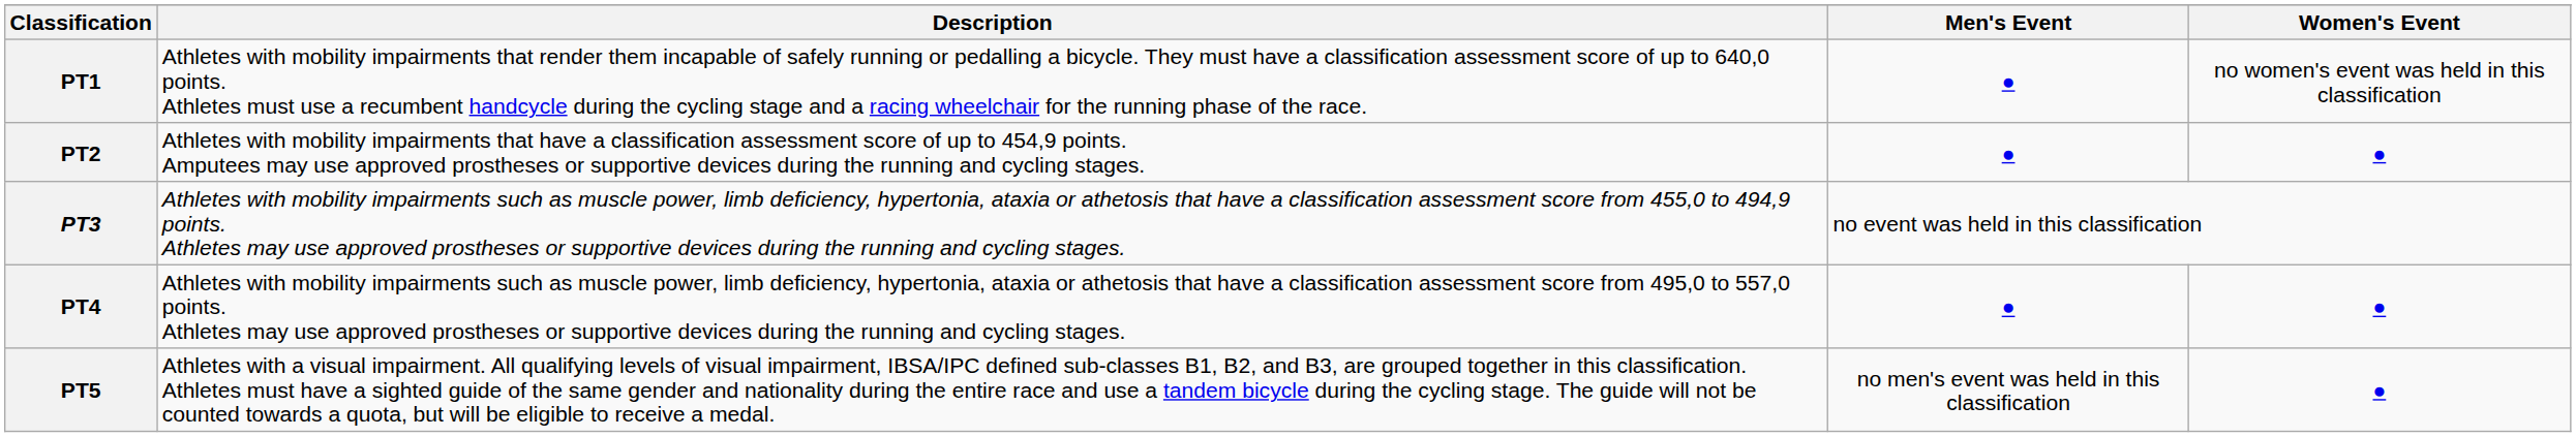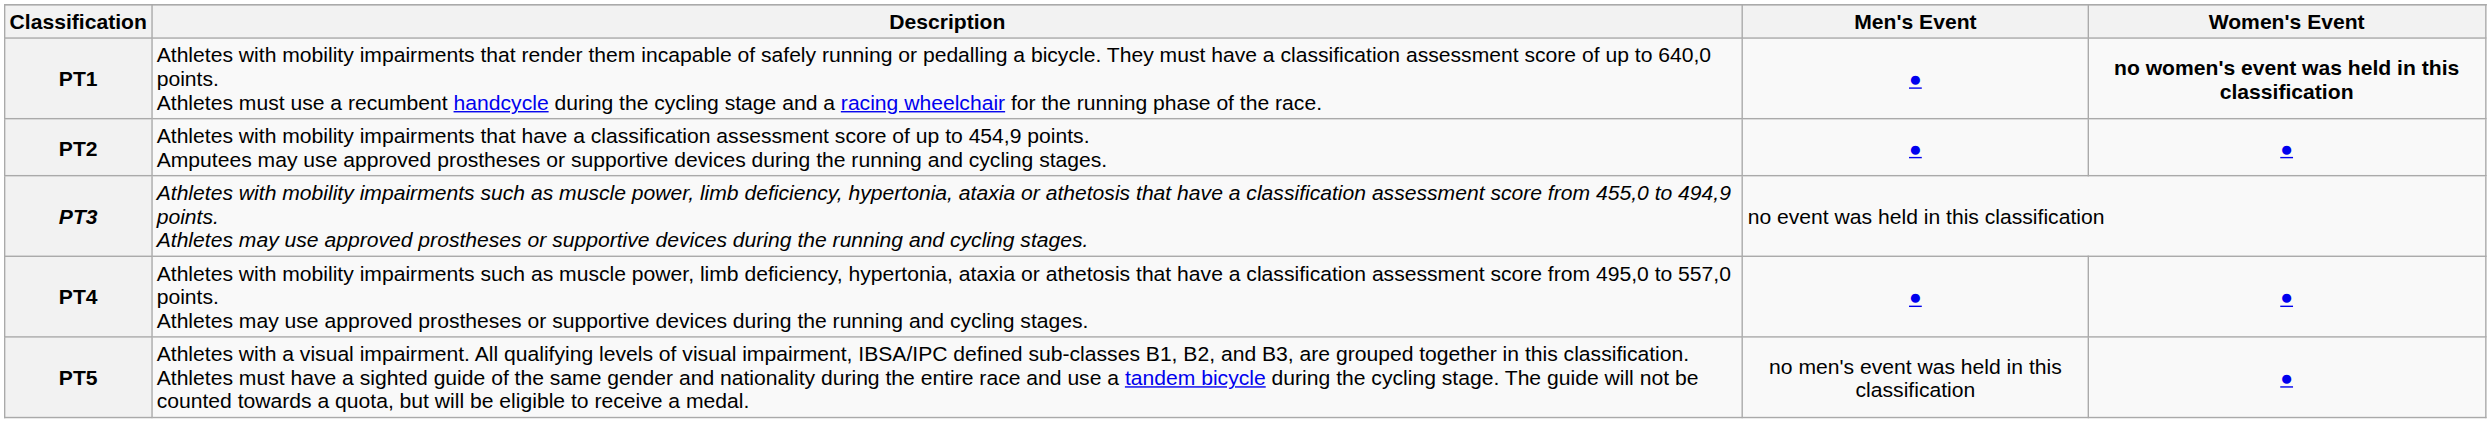 <table class="wikitable" style="width:90%; font-size:95%;" align="center">
 <tr>
 </tr>
 <tr>
 <th>Classification</th>
 <th>Description</th>
 <th>Men's Event</th>
 <th>Women's Event</th>
 </tr>
 <tr>
 <th>PT1</th>
 <td align="left">Athletes with mobility impairments that render them incapable of safely running or pedalling a bicycle. They must have a classification assessment score of up to 640,0 points.<br>Athletes must use a recumbent <a href='#'>handcycle</a> during the cycling stage and a <a href='#'>racing wheelchair</a> for the running phase of the race.</td>
 <td align="center"><a href='#'>●</a></td>
-<td align="center">no women's event was held in this classification</td>
+<td align="center"><strong>no women's event was held in this classification</strong></td>
 </tr>
 <tr>
 <th>PT2</th>
 <td>Athletes with mobility impairments that have a classification assessment score of up to 454,9 points.<br>Amputees may use approved prostheses or supportive devices during the running and cycling stages.</td>
 <td align="center"><a href='#'>●</a></td>
 <td align="center"><a href='#'>●</a></td>
 </tr>
 <tr>
 <th><em>PT3</em></th>
 <td><em> Athletes with mobility impairments such as muscle power, limb deficiency, hypertonia, ataxia or athetosis that have a classification assessment score from 455,0 to 494,9 points.</em><br><em>Athletes may use approved prostheses or supportive devices during the running and cycling stages.</em></td>
 <td colspan="2">no event was held in this classification</td>
 </tr>
 <tr>
 <th>PT4</th>
 <td>Athletes with mobility impairments such as muscle power, limb deficiency, hypertonia, ataxia or athetosis that have a classification assessment score from 495,0 to 557,0 points.<br>Athletes may use approved prostheses or supportive devices during the running and cycling stages.</td>
 <td align="center"><a href='#'>●</a></td>
 <td align="center"><a href='#'>●</a></td>
 </tr>
 <tr>
 <th>PT5</th>
 <td>Athletes with a visual impairment. All qualifying levels of visual impairment, IBSA/IPC defined sub-classes B1, B2, and B3, are grouped together in this classification.<br>Athletes must have a sighted guide of the same gender and nationality during the entire race and use a <a href='#'>tandem bicycle</a> during the cycling stage. The guide will not be counted towards a quota, but will be eligible to receive a medal.</td>
 <td align="center">no men's event was held in this classification</td>
 <td align="center"><a href='#'>●</a></td>
 </tr>
 </table>
